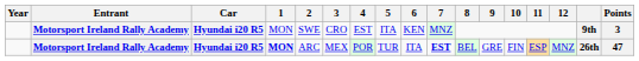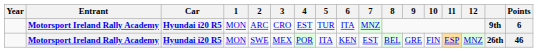 <table class="wikitable" style="text-align:center; font-size:85%">
 <tr>
 <th>Year</th>
 <th>Entrant</th>
 <th>Car</th>
 <th>1</th>
 <th>2</th>
 <th>3</th>
 <th>4</th>
 <th>5</th>
 <th>6</th>
 <th>7</th>
 <th>8</th>
 <th>9</th>
 <th>10</th>
 <th>11</th>
 <th>12</th>
 <th></th>
 <th>Points</th>
 </tr>
 <tr>
 <td></td>
 <th nowrap><a href='#'>Motorsport Ireland Rally Academy</a></th>
 <th nowrap><a href='#'>Hyundai i20 R5</a></th>
 <td><a href='#'>MON</a></td>
-<td><a href='#'>SWE</a></td>
+<td><a href='#'>ARC</a></td>
 <td><a href='#'>CRO</a></td>
 <td><a href='#'>EST</a></td>
+<td><a href='#'>TUR</a></td>
 <td><a href='#'>ITA</a></td>
-<td><a href='#'>KEN</a></td>
 <td style="background:#DFFFDF"><a href='#'>MNZ</a><br></td>
 <td colspan=5></td>
 <th>9th</th>
-<th>3</th>
+<th>6</th>
 </tr>
 <tr>
 <td></td>
 <th nowrap><a href='#'>Motorsport Ireland Rally Academy</a></th>
 <th nowrap><a href='#'>Hyundai i20 R5</a></th>
-<td><strong><a href='#'>MON</a></strong></td>
-<td><a href='#'>ARC</a></td>
+<td><a href='#'>MON</a></td>
+<td><a href='#'>SWE</a></td>
 <td><a href='#'>MEX</a></td>
 <td style="background:#DFFFDF"><a href='#'>POR</a><br></td>
-<td><a href='#'>TUR</a></td>
 <td><a href='#'>ITA</a></td>
-<td><strong><a href='#'>EST</a></strong></td>
+<td><a href='#'>KEN</a></td>
+<td><a href='#'>EST</a></td>
 <td style="background:#DFFFDF"><a href='#'>BEL</a><br></td>
 <td><a href='#'>GRE</a></td>
 <td><a href='#'>FIN</a></td>
 <td style="background:#FFDF9F"><a href='#'>ESP</a><br></td>
 <td style="background:#DFFFDF"><a href='#'>MNZ</a><br></td>
 <th>26th</th>
-<th>47</th>
+<th>46</th>
 </tr>
 </table>
